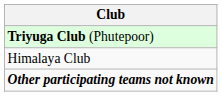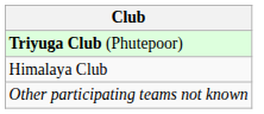 <table class="wikitable" border="1">
 <tr>
 <th>Club</th>
 </tr>
 <tr bgcolor=#dfd>
 <td><strong>Triyuga Club</strong> (Phutepoor)</td>
 </tr>
 <tr>
 <td>Himalaya Club</td>
 </tr>
 <tr>
-<td><strong><em>Other participating teams not known</em></strong></td>
+<td><em>Other participating teams not known</em></td>
 </tr>
 </table>
